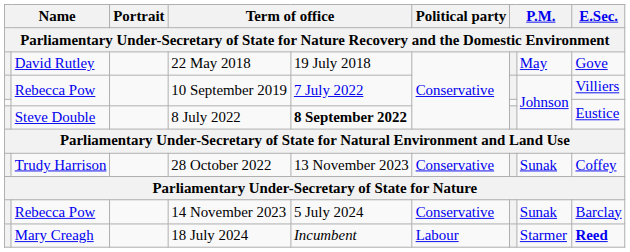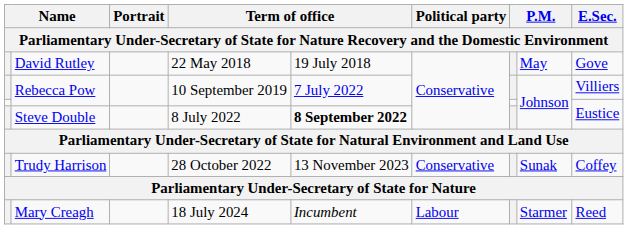 <table class="wikitable">
 <tr>
 <th colspan=2>Name</th>
 <th>Portrait</th>
 <th colspan=2>Term of office</th>
 <th>Political party</th>
 <th colspan=2><a href='#'>P.M.</a></th>
 <th><a href='#'>E.Sec.</a></th>
 </tr>
 <tr>
 <th colspan="9">Parliamentary Under-Secretary of State for Nature Recovery and the Domestic Environment</th>
 </tr>
 <tr>
 <th style="background-color: "></th>
 <td><a href='#'>David Rutley</a></td>
 <td></td>
 <td>22 May 2018</td>
 <td>19 July 2018</td>
 <td rowspan="4"><a href='#'>Conservative</a></td>
 <th style="background-color: "></th>
 <td><a href='#'>May</a></td>
 <td><a href='#'>Gove</a></td>
 </tr>
 <tr>
 <th style="background-color: "></th>
 <td rowspan="2"><a href='#'>Rebecca Pow</a></td>
 <td rowspan="2"></td>
 <td rowspan="2">10 September 2019</td>
 <td rowspan="2"><a href='#'>7 July 2022</a></td>
 <th style="background-color: "></th>
 <td rowspan="3"><a href='#'>Johnson</a></td>
 <td><a href='#'>Villiers</a></td>
 </tr>
 <tr>
 <td></td>
 <td></td>
 <td rowspan="2"><a href='#'>Eustice</a></td>
 </tr>
 <tr>
 <th style="background-color: "></th>
 <td><a href='#'>Steve Double</a></td>
 <td></td>
 <td>8 July 2022</td>
 <td><strong>8 September 2022</strong></td>
 <th style="background-color: "></th>
 </tr>
 <tr>
 <th colspan="9">Parliamentary Under-Secretary of State for Natural Environment and Land Use</th>
 </tr>
 <tr>
 <th style="background-color: "></th>
 <td><a href='#'>Trudy Harrison</a></td>
 <td></td>
 <td>28 October 2022</td>
 <td>13 November 2023</td>
 <td><a href='#'>Conservative</a></td>
 <th style="background-color: "></th>
 <td><a href='#'>Sunak</a></td>
 <td><a href='#'>Coffey</a></td>
 </tr>
 <tr>
 <th colspan="9">Parliamentary Under-Secretary of State for Nature</th>
 </tr>
 <tr>
 <th style="background-color: "></th>
-<td><a href='#'>Rebecca Pow</a></td>
-<td></td>
-<td>14 November 2023</td>
-<td>5 July 2024</td>
-<td><a href='#'>Conservative</a></td>
-<th style="background-color: "></th>
-<td><a href='#'>Sunak</a></td>
-<td><a href='#'>Barclay</a></td>
-</tr>
-<tr>
-<th style="background-color: "></th>
 <td><a href='#'>Mary Creagh</a></td>
 <td></td>
 <td>18 July 2024</td>
 <td><em>Incumbent</em></td>
 <td><a href='#'>Labour</a></td>
 <th style="background-color: "></th>
 <td><a href='#'>Starmer</a></td>
-<td><strong><a href='#'>Reed</a></strong></td>
+<td><a href='#'>Reed</a></td>
 </tr>
 </table>
